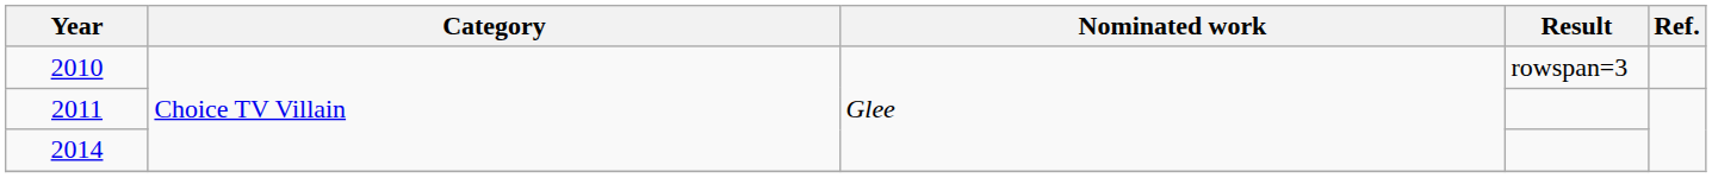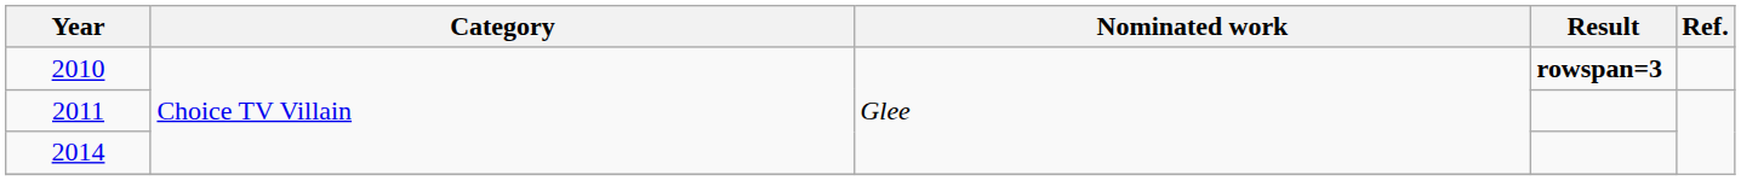 <table class=wikitable>
 <tr>
 <th scope="col" style="width:5em;">Year</th>
 <th scope="col" style="width:26em;">Category</th>
 <th scope="col" style="width:25em;">Nominated work</th>
 <th scope="col" style="width:5em;">Result</th>
 <th>Ref.</th>
 </tr>
 <tr>
 <td style="text-align:center;"><a href='#'>2010</a></td>
 <td rowspan=3><a href='#'>Choice TV Villain</a></td>
 <td rowspan=3><em>Glee</em></td>
-<td>rowspan=3 </td>
+<td><strong>rowspan=3 </strong></td>
 <td style="text-align:center;"></td>
 </tr>
 <tr>
 <td style="text-align:center;"><a href='#'>2011</a></td>
 <td style="text-align:center;"></td>
 </tr>
 <tr>
 <td style="text-align:center;"><a href='#'>2014</a></td>
 <td style="text-align:center;"></td>
 </tr>
 <tr>
 </tr>
 </table>
